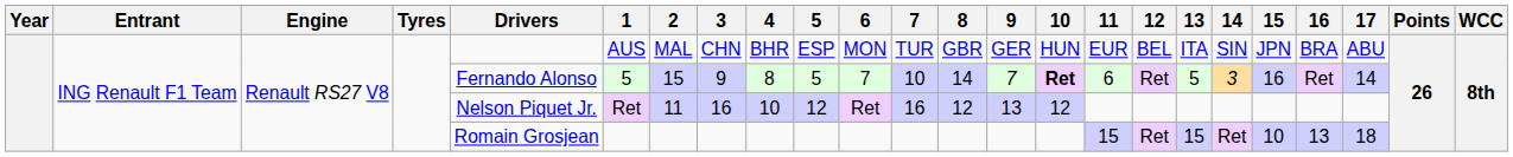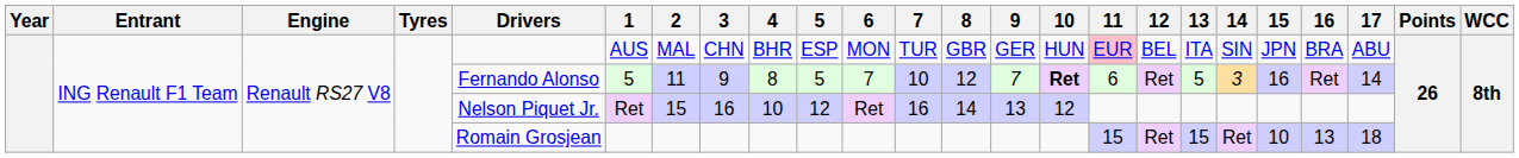 <table class="wikitable" style="text-align:center; font-size:95%">
 <tr>
 <th>Year</th>
 <th>Entrant</th>
 <th>Engine</th>
 <th>Tyres</th>
 <th>Drivers</th>
 <th>1</th>
 <th>2</th>
 <th>3</th>
 <th>4</th>
 <th>5</th>
 <th>6</th>
 <th>7</th>
 <th>8</th>
 <th>9</th>
 <th>10</th>
 <th>11</th>
 <th>12</th>
 <th>13</th>
 <th>14</th>
 <th>15</th>
 <th>16</th>
 <th>17</th>
 <th>Points</th>
 <th>WCC</th>
 </tr>
 <tr>
 <th rowspan="4"></th>
 <td rowspan="4"><a href='#'>ING</a> <a href='#'>Renault F1 Team</a></td>
 <td rowspan="4"><a href='#'>Renault</a> <em>RS27</em> <a href='#'>V8</a></td>
 <td rowspan="4"></td>
 <td></td>
 <td><a href='#'>AUS</a></td>
 <td><a href='#'>MAL</a></td>
 <td><a href='#'>CHN</a></td>
 <td><a href='#'>BHR</a></td>
 <td><a href='#'>ESP</a></td>
 <td><a href='#'>MON</a></td>
 <td><a href='#'>TUR</a></td>
 <td><a href='#'>GBR</a></td>
 <td><a href='#'>GER</a></td>
 <td><a href='#'>HUN</a></td>
-<td><a href='#'>EUR</a></td>
+<td style="background: pink;"><a href='#'>EUR</a></td>
 <td><a href='#'>BEL</a></td>
 <td><a href='#'>ITA</a></td>
 <td><a href='#'>SIN</a></td>
 <td><a href='#'>JPN</a></td>
 <td><a href='#'>BRA</a></td>
 <td><a href='#'>ABU</a></td>
 <th rowspan=4>26</th>
 <th rowspan=4>8th</th>
 </tr>
 <tr>
 <td><a href='#'>Fernando Alonso</a></td>
 <td style="background:#dfffdf;">5</td>
-<td style="background:#cfcfff;">15</td>
+<td style="background:#cfcfff;">11</td>
 <td style="background:#cfcfff;">9</td>
 <td style="background:#dfffdf;">8</td>
 <td style="background:#DFFFDF;">5</td>
 <td style="background:#DFFFDF;">7</td>
 <td style="background:#cfcfff;">10</td>
-<td style="background:#cfcfff;">14</td>
+<td style="background:#cfcfff;">12</td>
 <td style="background:#dfffdf;"><em>7</em></td>
 <td style="background:#efcfff;"><strong>Ret</strong></td>
 <td style="background:#dfffdf;">6</td>
 <td style="background:#efcfff;">Ret</td>
 <td style="background:#DFFFDF;">5</td>
 <td style="background:#ffdf9f;"><em>3</em></td>
 <td style="background:#cfcfff;">16</td>
 <td style="background:#efcfff;">Ret</td>
 <td style="background:#cfcfff;">14</td>
 </tr>
 <tr>
 <td><a href='#'>Nelson Piquet Jr.</a></td>
 <td style="background:#efcfff;">Ret</td>
-<td style="background:#cfcfff;">11</td>
+<td style="background:#cfcfff;">15</td>
 <td style="background:#cfcfff;">16</td>
 <td style="background:#cfcfff;">10</td>
 <td style="background:#CFCFFF;">12</td>
 <td style="background:#efcfff;">Ret</td>
 <td style="background:#cfcfff;">16</td>
-<td style="background:#cfcfff;">12</td>
+<td style="background:#cfcfff;">14</td>
 <td style="background:#cfcfff;">13</td>
 <td style="background:#CFCFFF;">12</td>
 <td></td>
 <td></td>
 <td></td>
 <td></td>
 <td></td>
 <td></td>
 <td></td>
 </tr>
 <tr>
 <td><a href='#'>Romain Grosjean</a></td>
 <td></td>
 <td></td>
 <td></td>
 <td></td>
 <td></td>
 <td></td>
 <td></td>
 <td></td>
 <td></td>
 <td></td>
 <td style="background:#cfcfff;">15</td>
 <td style="background:#efcfff;">Ret</td>
 <td style="background:#cfcfff;">15</td>
 <td style="background:#efcfff;">Ret</td>
 <td style="background:#cfcfff;">10</td>
 <td style="background:#cfcfff;">13</td>
 <td style="background:#cfcfff;">18</td>
 </tr>
 </table>
